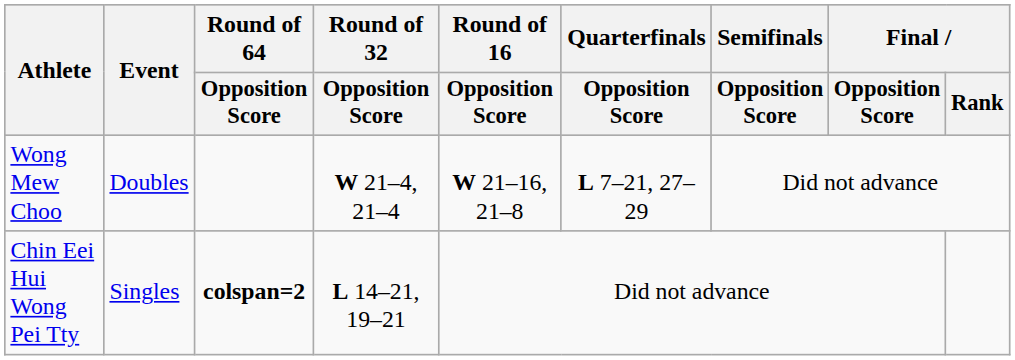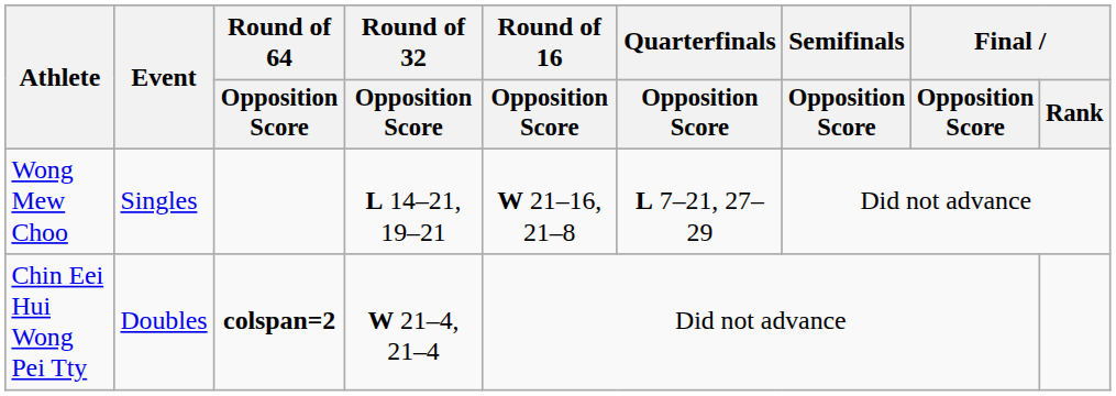 <table class="wikitable" style="font-size:90%">
 <tr>
 <th rowspan="2">Athlete</th>
 <th rowspan="2">Event</th>
 <th>Round of 64</th>
 <th>Round of 32</th>
 <th>Round of 16</th>
 <th>Quarterfinals</th>
 <th>Semifinals</th>
 <th colspan="2">Final / </th>
 </tr>
 <tr style="font-size:95%">
 <th>Opposition<br>Score</th>
 <th>Opposition<br>Score</th>
 <th>Opposition<br>Score</th>
 <th>Opposition<br>Score</th>
 <th>Opposition<br>Score</th>
 <th>Opposition<br>Score</th>
 <th>Rank</th>
 </tr>
 <tr align=center>
 <td align=left><a href='#'>Wong Mew Choo</a></td>
-<td align=left><a href='#'>Doubles</a></td>
+<td align=left><a href='#'>Singles</a></td>
 <td></td>
-<td><br><strong>W</strong> 21–4, 21–4</td>
+<td><br><strong>L</strong> 14–21, 19–21</td>
 <td><br><strong>W</strong> 21–16, 21–8</td>
 <td><br><strong>L</strong> 7–21, 27–29</td>
 <td colspan=3>Did not advance</td>
 </tr>
 <tr align=center>
 <td align=left><a href='#'>Chin Eei Hui</a> <br> <a href='#'>Wong Pei Tty</a></td>
-<td align=left><a href='#'>Singles</a></td>
+<td align=left><a href='#'>Doubles</a></td>
 <td><strong>colspan=2 </strong></td>
-<td><br><strong>L</strong> 14–21, 19–21</td>
+<td><br><strong>W</strong> 21–4, 21–4</td>
 <td colspan=4>Did not advance</td>
 </tr>
 </table>
